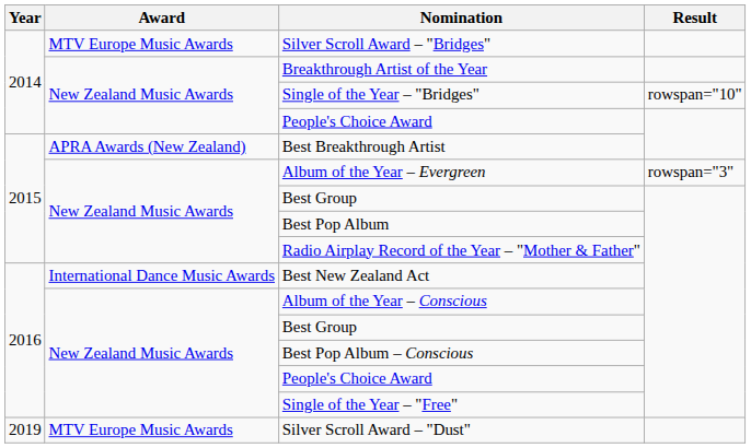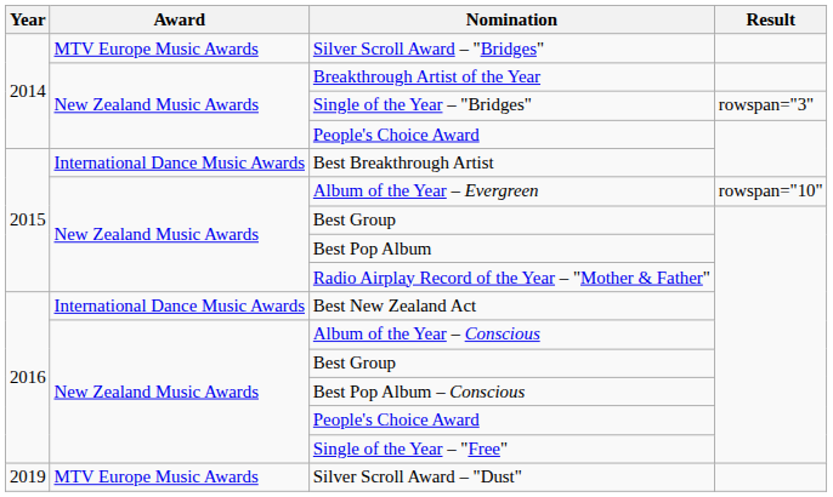 <table class="wikitable">
 <tr>
 <th>Year</th>
 <th>Award</th>
 <th>Nomination</th>
 <th>Result</th>
 </tr>
 <tr>
 <td rowspan="4">2014</td>
 <td><a href='#'>MTV Europe Music Awards</a></td>
 <td><a href='#'>Silver Scroll Award</a> – "<a href='#'>Bridges</a>"</td>
 <td></td>
 </tr>
 <tr>
 <td rowspan="3"><a href='#'>New Zealand Music Awards</a></td>
 <td><a href='#'>Breakthrough Artist of the Year</a></td>
 <td></td>
 </tr>
 <tr>
 <td><a href='#'>Single of the Year</a> – "Bridges"</td>
-<td>rowspan="10" </td>
+<td>rowspan="3" </td>
 </tr>
 <tr>
 <td><a href='#'>People's Choice Award</a></td>
 </tr>
 <tr>
 <td rowspan="5">2015</td>
-<td><a href='#'>APRA Awards (New Zealand)</a></td>
+<td><a href='#'>International Dance Music Awards</a></td>
 <td>Best Breakthrough Artist</td>
 </tr>
 <tr>
 <td rowspan="4"><a href='#'>New Zealand Music Awards</a></td>
 <td><a href='#'>Album of the Year</a> – <em>Evergreen</em></td>
-<td>rowspan="3" </td>
+<td>rowspan="10" </td>
 </tr>
 <tr>
 <td>Best Group</td>
 </tr>
 <tr>
 <td>Best Pop Album</td>
 </tr>
 <tr>
 <td><a href='#'>Radio Airplay Record of the Year</a> – "<a href='#'>Mother & Father</a>"</td>
 </tr>
 <tr>
 <td rowspan="6">2016</td>
 <td><a href='#'>International Dance Music Awards</a></td>
 <td>Best New Zealand Act</td>
 </tr>
 <tr>
 <td rowspan="5"><a href='#'>New Zealand Music Awards</a></td>
 <td><a href='#'>Album of the Year</a> – <em><a href='#'>Conscious</a></em></td>
 </tr>
 <tr>
 <td>Best Group</td>
 </tr>
 <tr>
 <td>Best Pop Album – <em>Conscious</em></td>
 </tr>
 <tr>
 <td><a href='#'>People's Choice Award</a></td>
 </tr>
 <tr>
 <td><a href='#'>Single of the Year</a> –  "<a href='#'>Free</a>"</td>
 </tr>
 <tr>
 <td>2019</td>
 <td><a href='#'>MTV Europe Music Awards</a></td>
 <td>Silver Scroll Award – "Dust"</td>
 <td></td>
 </tr>
 </table>
